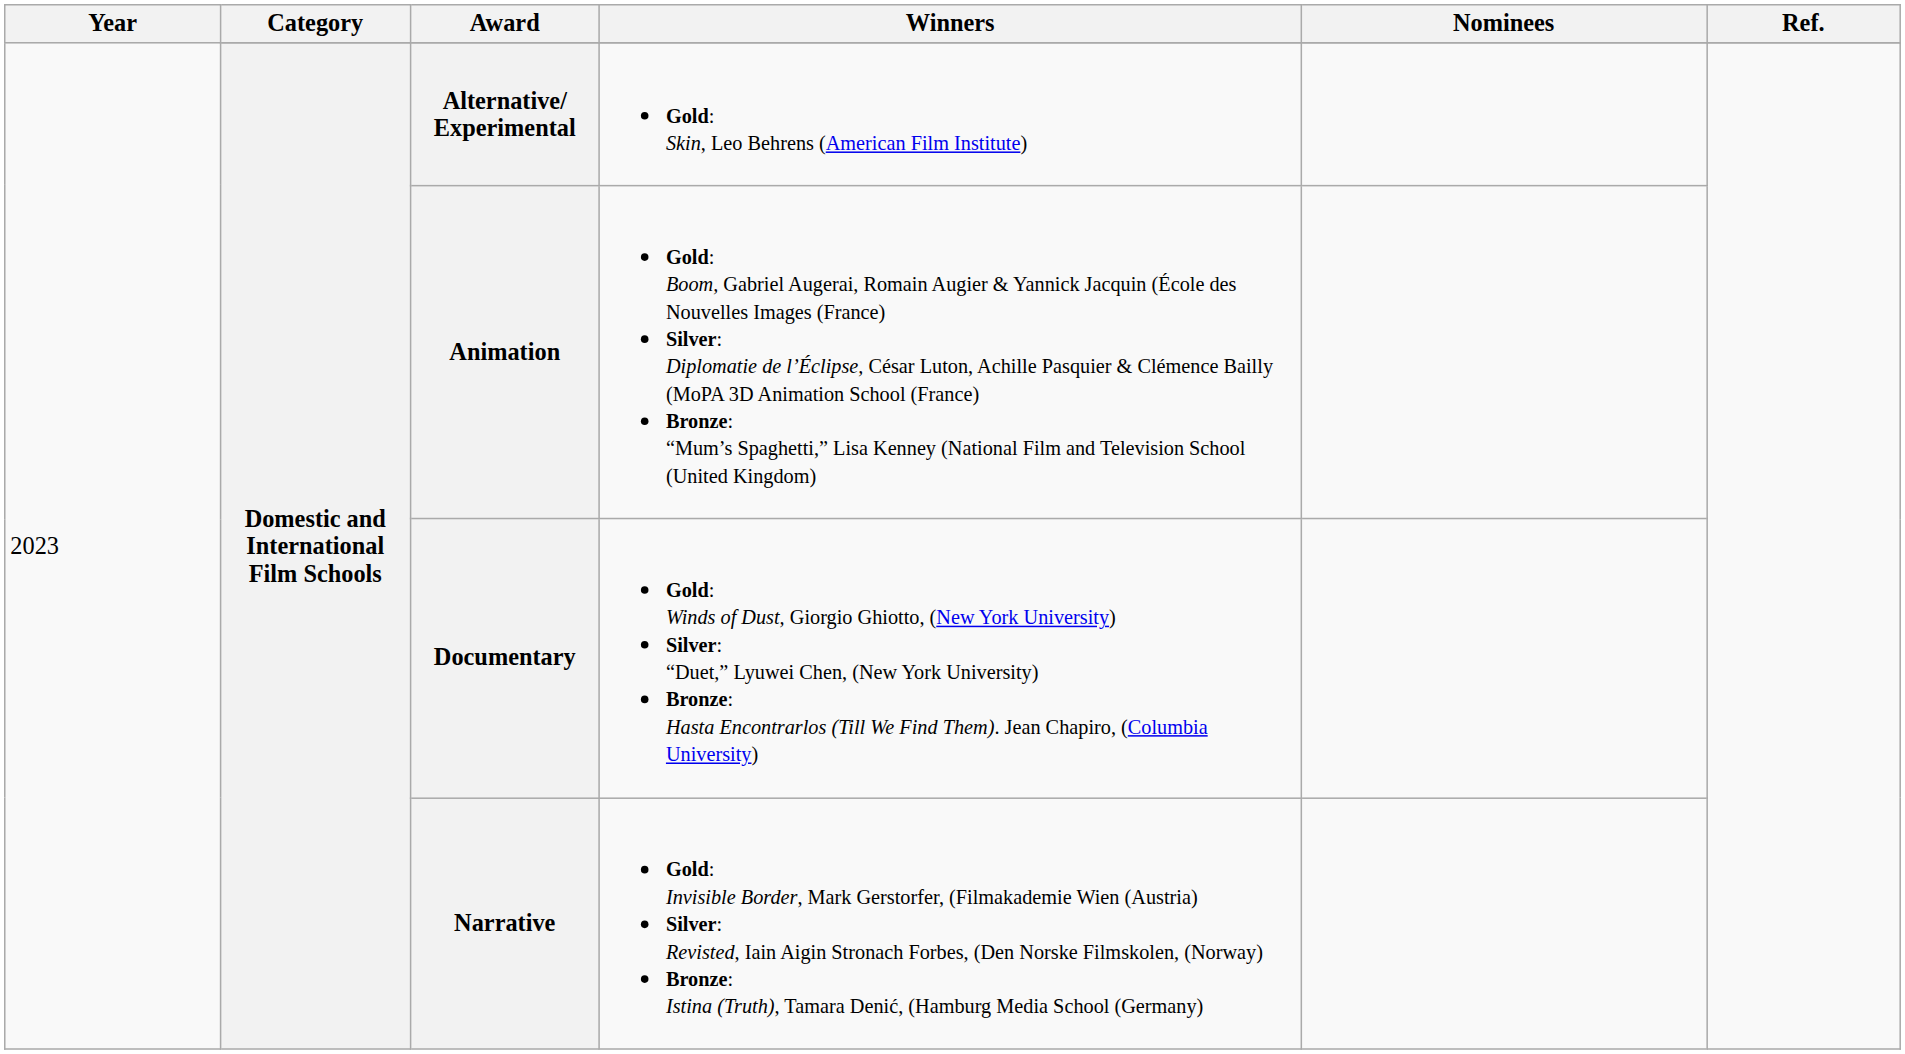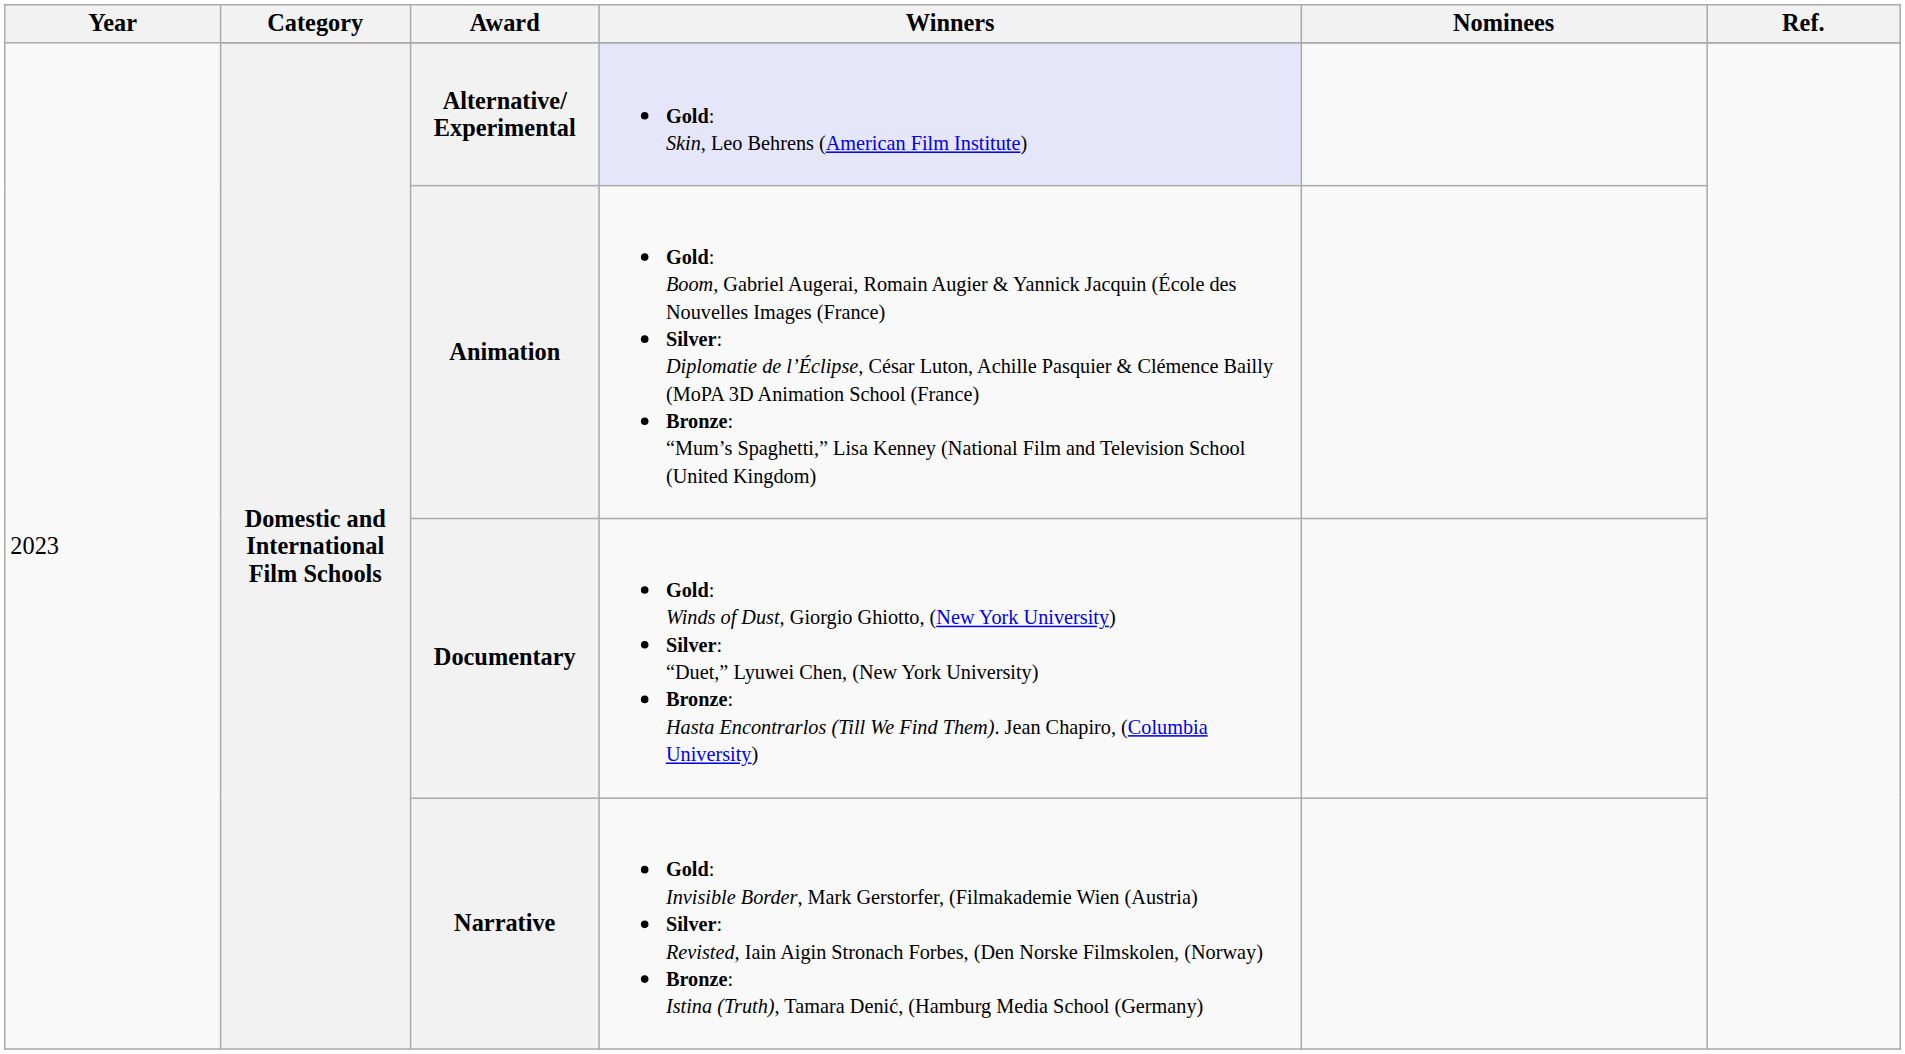 <table class="wikitable sortable">
 <tr>
 <th bgcolor="#efefef">Year</th>
 <th bgcolor="#efefef" width="10%">Category</th>
 <th bgcolor="#efefef" width="10%">Award</th>
 <th bgcolor="#efefef" width="37%">Winners</th>
 <th bgcolor="#efefef">Nominees</th>
 <th bgcolor="#efefef" class=unsortable>Ref.</th>
 </tr>
 <tr>
 <td rowspan="8">2023</td>
 </tr>
 <tr>
 <th rowspan="4">Domestic and International Film Schools</th>
 <th scope="row"><strong>Alternative/ Experimental</strong></th>
-<td><br><ul><li><small><strong>Gold</strong>:<br><em>Skin</em>, Leo Behrens (<a href='#'>American Film Institute</a>)</small></li></ul></td>
+<td style="background: lavender;"><br><ul><li><small><strong>Gold</strong>:<br><em>Skin</em>, Leo Behrens (<a href='#'>American Film Institute</a>)</small></li></ul></td>
 <td></td>
 <td rowspan="7"><br><br></td>
 </tr>
 <tr>
 <th scope="row"><strong>Animation</strong></th>
 <td><br><ul><li><small><strong>Gold</strong>:<br><em>Boom,</em> Gabriel Augerai, Romain Augier & Yannick Jacquin (École des Nouvelles Images (France)</small></li><li><small><strong>Silver</strong>:<br><em>Diplomatie de l’Éclipse,</em> César Luton, Achille Pasquier & Clémence Bailly (MoPA 3D Animation School (France)</small></li><li><small><strong>Bronze</strong>:<br>“Mum’s Spaghetti,” Lisa Kenney (National Film and Television School (United Kingdom)</small></li></ul></td>
 <td></td>
 </tr>
 <tr>
 <th scope="row"><strong>Documentary</strong></th>
 <td><br><ul><li><small><strong>Gold</strong>:<br><em>Winds of Dust,</em> Giorgio Ghiotto, (<a href='#'>New York University</a>)</small></li><li><small><strong>Silver</strong>:<br>“Duet,” Lyuwei Chen, (New York University)</small></li><li><small><strong>Bronze</strong>:<br><em>Hasta Encontrarlos (Till We Find Them)</em>. Jean Chapiro, (<a href='#'>Columbia University</a>)</small></li></ul></td>
 <td></td>
 </tr>
 <tr>
 <th scope="row"><strong>Narrative</strong></th>
 <td><br><ul><li><small><strong>Gold</strong>:<br><em>Invisible Border</em>, Mark Gerstorfer, (Filmakademie Wien (Austria)</small></li><li><small><strong>Silver</strong>:<br><em>Revisted</em>, Iain Aigin Stronach Forbes, (Den Norske Filmskolen, (Norway)</small></li><li><small><strong>Bronze</strong>:<br><em>Istina (Truth)</em>, Tamara Denić, (Hamburg Media School (Germany)</small></li></ul></td>
 <td></td>
 </tr>
 </table>
